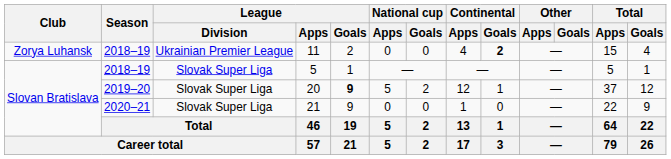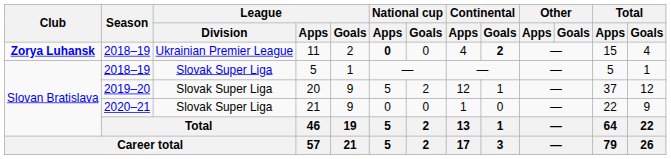 <table class=wikitable style=text-align:center>
 <tr>
 <th rowspan="2">Club</th>
 <th rowspan="2">Season</th>
 <th colspan="3">League</th>
 <th colspan="2">National cup</th>
 <th colspan="2">Continental</th>
 <th colspan="2">Other</th>
 <th colspan="2">Total</th>
 </tr>
 <tr>
 <th>Division</th>
 <th>Apps</th>
 <th>Goals</th>
 <th>Apps</th>
 <th>Goals</th>
 <th>Apps</th>
 <th>Goals</th>
 <th>Apps</th>
 <th>Goals</th>
 <th>Apps</th>
 <th>Goals</th>
 </tr>
 <tr>
-<td><a href='#'>Zorya Luhansk</a></td>
+<td><strong><a href='#'>Zorya Luhansk</a></strong></td>
 <td><a href='#'>2018–19</a></td>
 <td><a href='#'>Ukrainian Premier League</a></td>
 <td>11</td>
 <td>2</td>
-<td>0</td>
+<td><strong>0</strong></td>
 <td>0</td>
 <td>4</td>
 <td><strong>2</strong></td>
 <td colspan="2">—</td>
 <td>15</td>
 <td>4</td>
 </tr>
 <tr>
 <td rowspan="4"><a href='#'>Slovan Bratislava</a></td>
 <td><a href='#'>2018–19</a></td>
 <td><a href='#'>Slovak Super Liga</a></td>
 <td>5</td>
 <td>1</td>
 <td colspan="2">—</td>
 <td colspan="2">—</td>
 <td colspan="2">—</td>
 <td>5</td>
 <td>1</td>
 </tr>
 <tr>
 <td><a href='#'>2019–20</a></td>
 <td>Slovak Super Liga</td>
 <td>20</td>
-<td><strong>9</strong></td>
+<td>9</td>
 <td>5</td>
 <td>2</td>
 <td>12</td>
 <td>1</td>
 <td colspan="2">—</td>
 <td>37</td>
 <td>12</td>
 </tr>
 <tr>
 <td><a href='#'>2020–21</a></td>
 <td>Slovak Super Liga</td>
 <td>21</td>
 <td>9</td>
 <td>0</td>
 <td>0</td>
 <td>1</td>
 <td>0</td>
 <td colspan="2">—</td>
 <td>22</td>
 <td>9</td>
 </tr>
 <tr>
 <th colspan="2">Total</th>
 <th>46</th>
 <th>19</th>
 <th>5</th>
 <th>2</th>
 <th>13</th>
 <th>1</th>
 <th colspan="2">—</th>
 <th>64</th>
 <th>22</th>
 </tr>
 <tr>
 <th colspan="3">Career total</th>
 <th>57</th>
 <th>21</th>
 <th>5</th>
 <th>2</th>
 <th>17</th>
 <th>3</th>
 <th colspan="2">—</th>
 <th>79</th>
 <th>26</th>
 </tr>
 </table>
